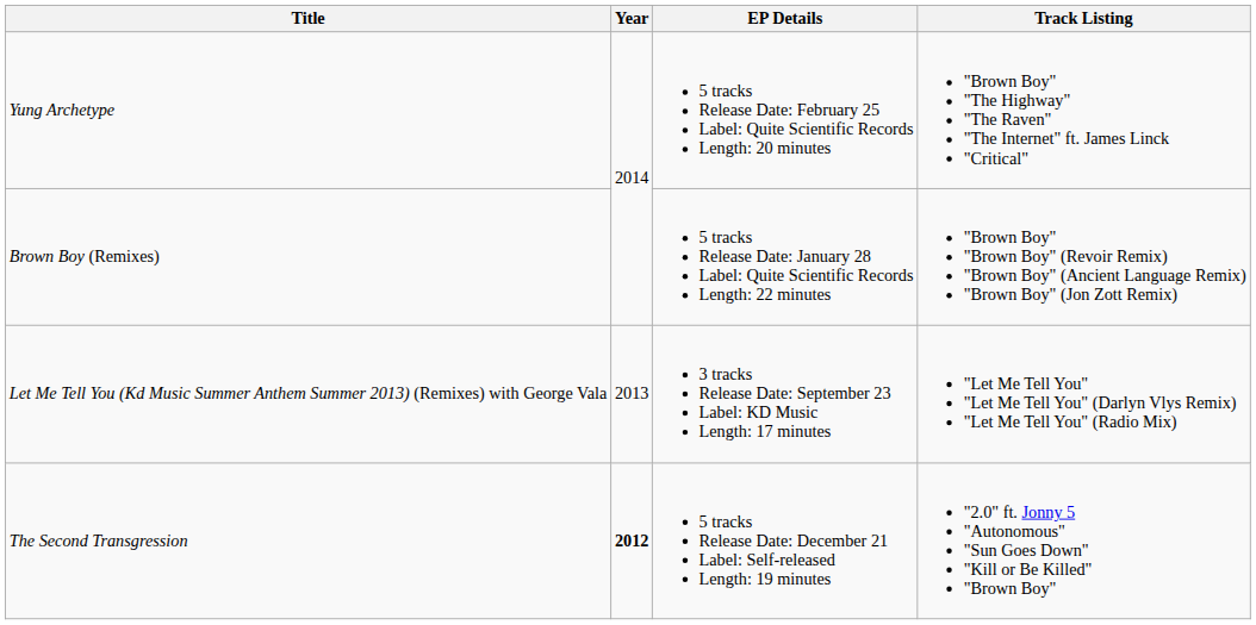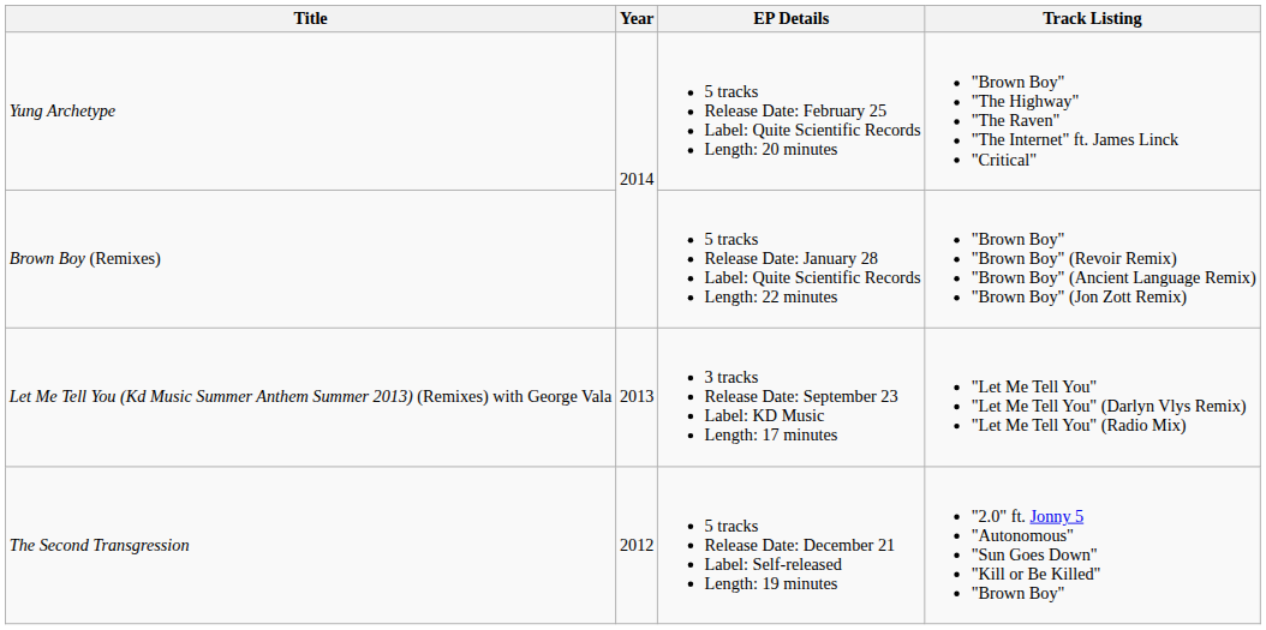 <table class="wikitable sortable mw-collapsible">
 <tr>
 <th>Title</th>
 <th>Year</th>
 <th>EP Details</th>
 <th>Track Listing</th>
 </tr>
 <tr>
 <td><em>Yung Archetype</em></td>
 <td rowspan="2">2014</td>
 <td><br><ul><li>5 tracks</li><li>Release Date: February 25</li><li>Label: Quite Scientific Records</li><li>Length: 20 minutes</li></ul></td>
 <td><br><ul><li>"Brown Boy"</li><li>"The Highway"</li><li>"The Raven"</li><li>"The Internet" ft. James Linck</li><li>"Critical"</li></ul></td>
 </tr>
 <tr>
 <td><em>Brown Boy</em> (Remixes)</td>
 <td><br><ul><li>5 tracks</li><li>Release Date: January 28</li><li>Label: Quite Scientific Records</li><li>Length: 22 minutes</li></ul></td>
 <td><br><ul><li>"Brown Boy"</li><li>"Brown Boy" (Revoir Remix)</li><li>"Brown Boy" (Ancient Language Remix)</li><li>"Brown Boy" (Jon Zott Remix)</li></ul></td>
 </tr>
 <tr>
 <td><em>Let Me Tell You (Kd Music Summer Anthem Summer 2013)</em> (Remixes) with George Vala</td>
 <td>2013</td>
 <td><br><ul><li>3 tracks</li><li>Release Date: September 23</li><li>Label: KD Music</li><li>Length: 17 minutes</li></ul></td>
 <td><br><ul><li>"Let Me Tell You"</li><li>"Let Me Tell You" (Darlyn Vlys Remix)</li><li>"Let Me Tell You" (Radio Mix)</li></ul></td>
 </tr>
 <tr>
 <td><em>The Second Transgression</em></td>
-<td><strong>2012</strong></td>
+<td>2012</td>
 <td><br><ul><li>5 tracks</li><li>Release Date: December 21</li><li>Label: Self-released</li><li>Length: 19 minutes</li></ul></td>
 <td><br><ul><li>"2.0" ft. <a href='#'>Jonny 5</a></li><li>"Autonomous"</li><li>"Sun Goes Down"</li><li>"Kill or Be Killed"</li><li>"Brown Boy"</li></ul></td>
 </tr>
 </table>
